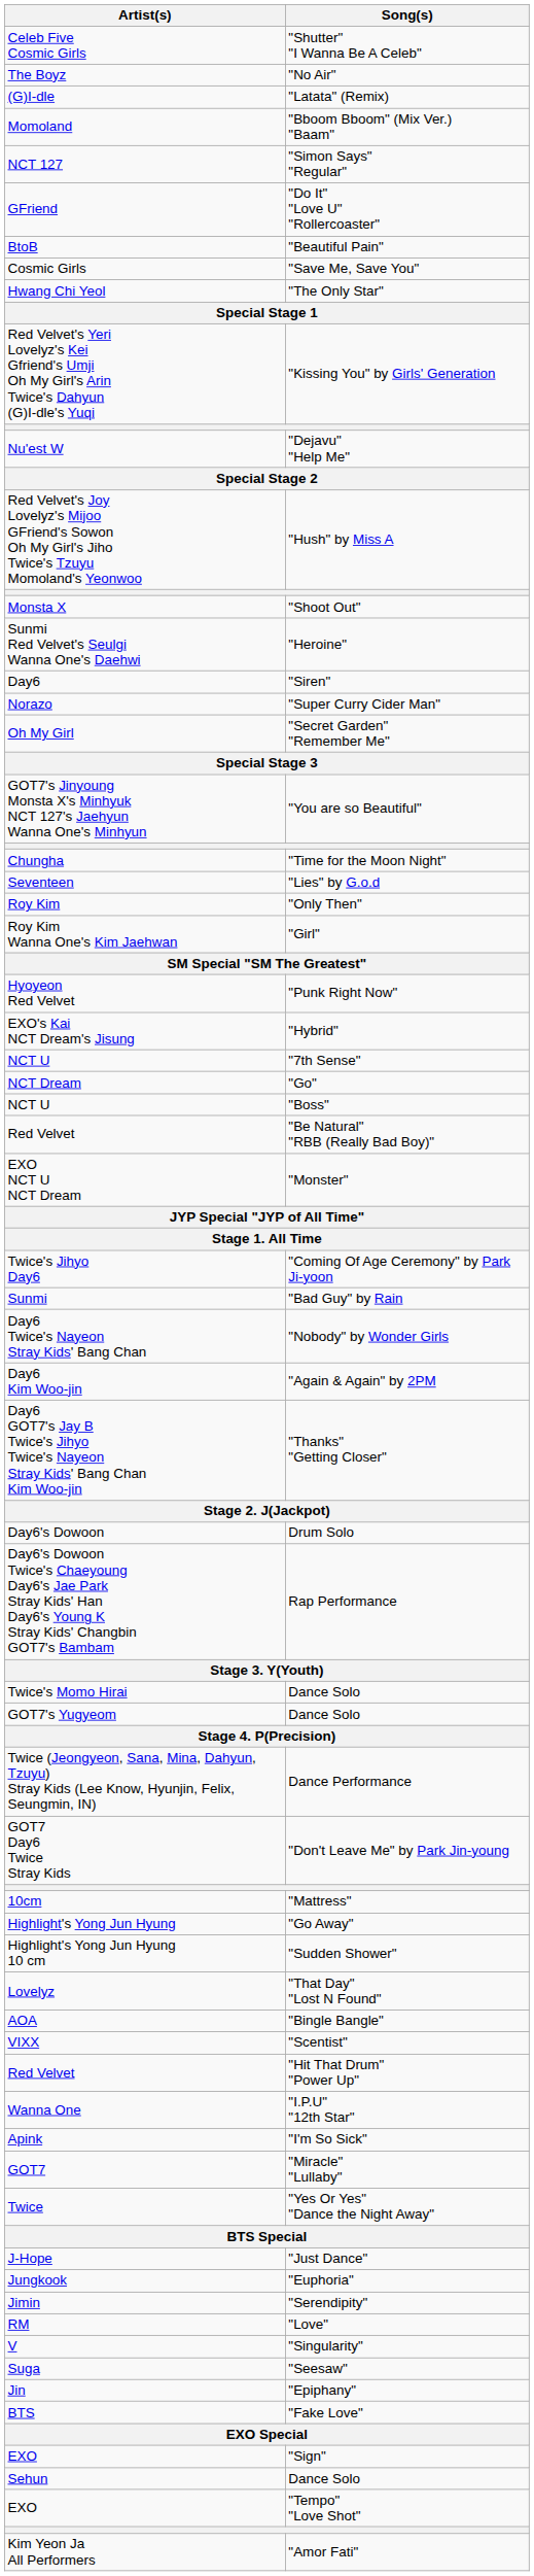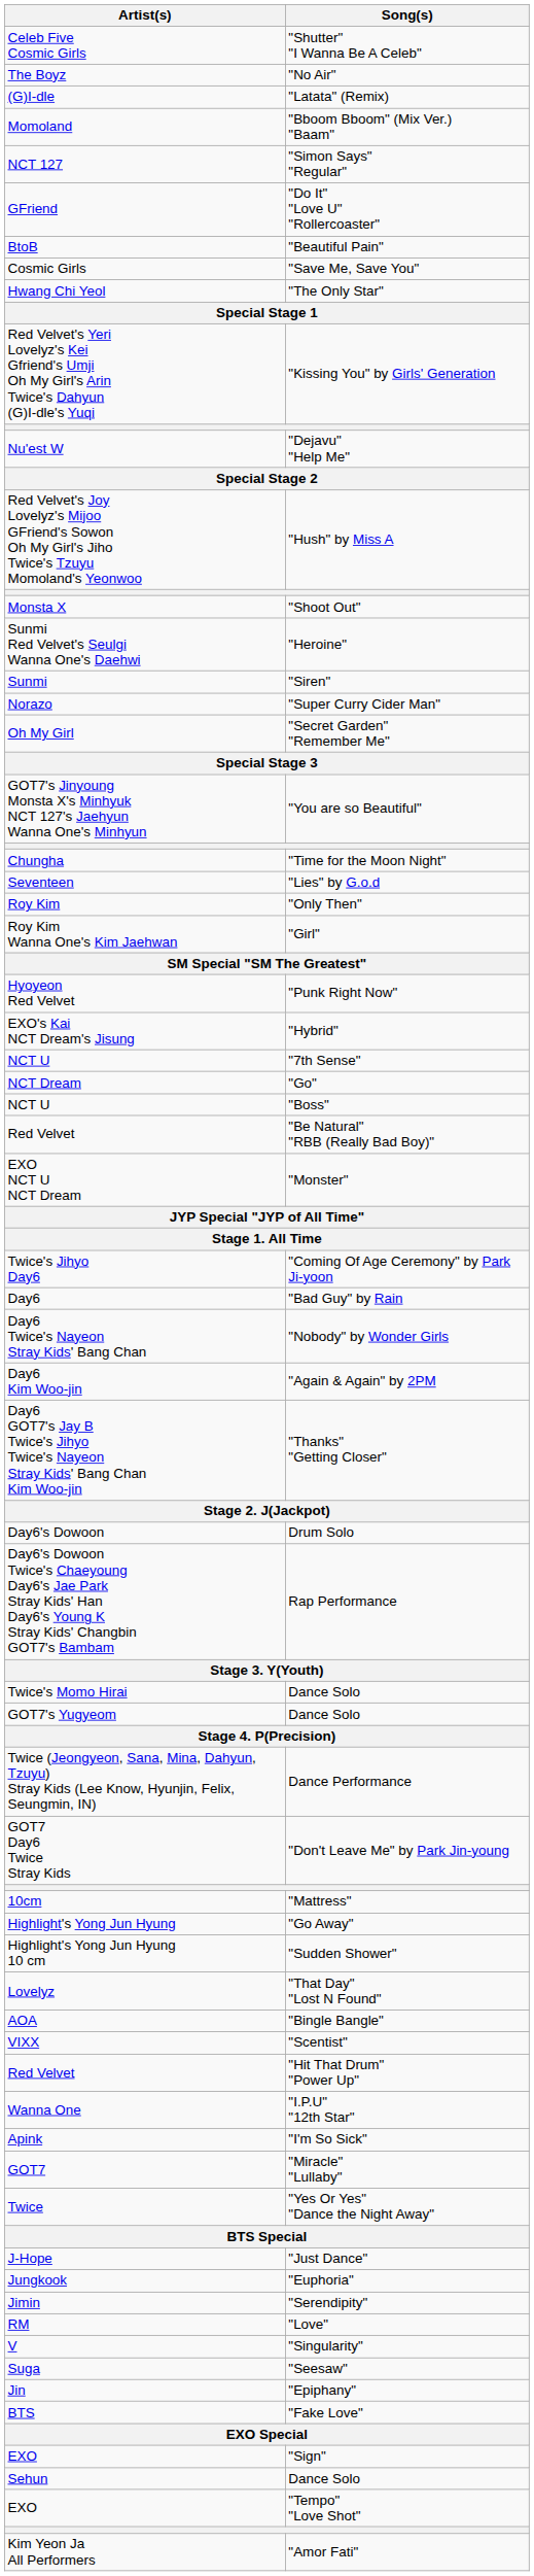 <table class="wikitable">
 <tr>
 <th>Artist(s)</th>
 <th>Song(s)</th>
 </tr>
 <tr>
 <td><a href='#'>Celeb Five</a><br><a href='#'>Cosmic Girls</a></td>
 <td>"Shutter"<br>"I Wanna Be A Celeb"</td>
 </tr>
 <tr>
 <td><a href='#'>The Boyz</a></td>
 <td>"No Air"</td>
 </tr>
 <tr>
 <td><a href='#'>(G)I-dle</a></td>
 <td>"Latata" (Remix)</td>
 </tr>
 <tr>
 <td><a href='#'>Momoland</a></td>
 <td>"Bboom Bboom" (Mix Ver.)<br>"Baam"</td>
 </tr>
 <tr>
 <td><a href='#'>NCT 127</a></td>
 <td>"Simon Says"<br>"Regular"</td>
 </tr>
 <tr>
 <td><a href='#'>GFriend</a></td>
 <td>"Do It"<br>"Love U"<br>"Rollercoaster"</td>
 </tr>
 <tr>
 <td><a href='#'>BtoB</a></td>
 <td>"Beautiful Pain"</td>
 </tr>
 <tr>
 <td>Cosmic Girls</td>
 <td>"Save Me, Save You"</td>
 </tr>
 <tr>
 <td><a href='#'>Hwang Chi Yeol</a></td>
 <td>"The Only Star"</td>
 </tr>
 <tr>
 <th colspan="2">Special Stage 1</th>
 </tr>
 <tr>
 <td>Red Velvet's <a href='#'>Yeri</a><br>Lovelyz's <a href='#'>Kei</a><br>Gfriend's <a href='#'>Umji</a><br>Oh My Girl's <a href='#'>Arin</a><br>Twice's <a href='#'>Dahyun</a><br>(G)I-dle's <a href='#'>Yuqi</a></td>
 <td>"Kissing You" by <a href='#'>Girls' Generation</a></td>
 </tr>
 <tr>
 <th colspan="2"></th>
 </tr>
 <tr>
 <td><a href='#'>Nu'est W</a></td>
 <td>"Dejavu"<br>"Help Me"</td>
 </tr>
 <tr>
 <th colspan="2">Special Stage 2</th>
 </tr>
 <tr>
 <td>Red Velvet's <a href='#'>Joy</a><br>Lovelyz's <a href='#'>Mijoo</a><br>GFriend's Sowon<br>Oh My Girl's Jiho<br>Twice's <a href='#'>Tzuyu</a><br>Momoland's <a href='#'>Yeonwoo</a></td>
 <td>"Hush" by <a href='#'>Miss A</a></td>
 </tr>
 <tr>
 <th colspan="2"></th>
 </tr>
 <tr>
 <td><a href='#'>Monsta X</a></td>
 <td>"Shoot Out"</td>
 </tr>
 <tr>
 <td>Sunmi<br>Red Velvet's <a href='#'>Seulgi</a><br>Wanna One's <a href='#'>Daehwi</a></td>
 <td>"Heroine"</td>
 </tr>
 <tr>
-<td>Day6</td>
+<td><a href='#'>Sunmi</a></td>
 <td>"Siren"</td>
 </tr>
 <tr>
 <td><a href='#'>Norazo</a></td>
 <td>"Super Curry Cider Man"</td>
 </tr>
 <tr>
 <td><a href='#'>Oh My Girl</a></td>
 <td>"Secret Garden"<br>"Remember Me"</td>
 </tr>
 <tr>
 <th colspan="2">Special Stage 3</th>
 </tr>
 <tr>
 <td>GOT7's <a href='#'>Jinyoung</a><br>Monsta X's <a href='#'>Minhyuk</a><br>NCT 127's <a href='#'>Jaehyun</a><br>Wanna One's <a href='#'>Minhyun</a></td>
 <td>"You are so Beautiful"</td>
 </tr>
 <tr>
 <th colspan="2"></th>
 </tr>
 <tr>
 <td><a href='#'>Chungha</a></td>
 <td>"Time for the Moon Night"</td>
 </tr>
 <tr>
 <td><a href='#'>Seventeen</a></td>
 <td>"Lies" by <a href='#'>G.o.d</a></td>
 </tr>
 <tr>
 <td><a href='#'>Roy Kim</a></td>
 <td>"Only Then"</td>
 </tr>
 <tr>
 <td>Roy Kim<br>Wanna One's <a href='#'>Kim Jaehwan</a></td>
 <td>"Girl"</td>
 </tr>
 <tr>
 <th colspan="2">SM Special "SM The Greatest"</th>
 </tr>
 <tr>
 <td><a href='#'>Hyoyeon</a><br>Red Velvet</td>
 <td>"Punk Right Now"</td>
 </tr>
 <tr>
 <td>EXO's <a href='#'>Kai</a><br>NCT Dream's <a href='#'>Jisung</a></td>
 <td>"Hybrid"</td>
 </tr>
 <tr>
 <td><a href='#'>NCT U</a></td>
 <td>"7th Sense"</td>
 </tr>
 <tr>
 <td><a href='#'>NCT Dream</a></td>
 <td>"Go"</td>
 </tr>
 <tr>
 <td>NCT U</td>
 <td>"Boss"</td>
 </tr>
 <tr>
 <td>Red Velvet</td>
 <td>"Be Natural"<br>"RBB (Really Bad Boy)"</td>
 </tr>
 <tr>
 <td>EXO<br>NCT U<br>NCT Dream</td>
 <td>"Monster"</td>
 </tr>
 <tr>
 <th colspan="2">JYP Special "JYP of All Time"</th>
 </tr>
 <tr>
 <th colspan="2">Stage 1. All Time</th>
 </tr>
 <tr>
 <td>Twice's <a href='#'>Jihyo</a><br><a href='#'>Day6</a></td>
 <td>"Coming Of Age Ceremony" by <a href='#'>Park Ji-yoon</a></td>
 </tr>
 <tr>
-<td><a href='#'>Sunmi</a></td>
+<td>Day6</td>
 <td>"Bad Guy" by <a href='#'>Rain</a></td>
 </tr>
 <tr>
 <td>Day6<br>Twice's <a href='#'>Nayeon</a><br><a href='#'>Stray Kids</a>' Bang Chan</td>
 <td>"Nobody" by <a href='#'>Wonder Girls</a></td>
 </tr>
 <tr>
 <td>Day6<br><a href='#'>Kim Woo-jin</a></td>
 <td>"Again & Again" by <a href='#'>2PM</a></td>
 </tr>
 <tr>
 <td>Day6<br>GOT7's <a href='#'>Jay B</a><br>Twice's <a href='#'>Jihyo</a><br>Twice's <a href='#'>Nayeon</a><br><a href='#'>Stray Kids</a>' Bang Chan<br><a href='#'>Kim Woo-jin</a></td>
 <td>"Thanks"<br>"Getting Closer"</td>
 </tr>
 <tr>
 <th colspan="2">Stage 2. J(Jackpot)</th>
 </tr>
 <tr>
 <td>Day6's Dowoon</td>
 <td>Drum Solo</td>
 </tr>
 <tr>
 <td>Day6's Dowoon<br>Twice's <a href='#'>Chaeyoung</a><br>Day6's <a href='#'>Jae Park</a><br>Stray Kids' Han<br>Day6's <a href='#'>Young K</a><br>Stray Kids' Changbin<br>GOT7's <a href='#'>Bambam</a></td>
 <td>Rap Performance</td>
 </tr>
 <tr>
 <th colspan="2">Stage 3. Y(Youth)</th>
 </tr>
 <tr>
 <td>Twice's <a href='#'>Momo Hirai</a></td>
 <td>Dance Solo</td>
 </tr>
 <tr>
 <td>GOT7's <a href='#'>Yugyeom</a></td>
 <td>Dance Solo</td>
 </tr>
 <tr>
 <th colspan="2">Stage 4. P(Precision)</th>
 </tr>
 <tr>
 <td>Twice (<a href='#'>Jeongyeon</a>, <a href='#'>Sana</a>, <a href='#'>Mina</a>, <a href='#'>Dahyun</a>, <a href='#'>Tzuyu</a>)<br>Stray Kids (Lee Know, Hyunjin, Felix, Seungmin, IN)</td>
 <td>Dance Performance</td>
 </tr>
 <tr>
 <td>GOT7<br>Day6<br>Twice<br>Stray Kids</td>
 <td>"Don't Leave Me" by <a href='#'>Park Jin-young</a></td>
 </tr>
 <tr>
 <th colspan="2"></th>
 </tr>
 <tr>
 <td><a href='#'>10cm</a></td>
 <td>"Mattress"</td>
 </tr>
 <tr>
 <td><a href='#'>Highlight</a>'s <a href='#'>Yong Jun Hyung</a></td>
 <td>"Go Away"</td>
 </tr>
 <tr>
 <td>Highlight's Yong Jun Hyung<br>10 cm</td>
 <td>"Sudden Shower"</td>
 </tr>
 <tr>
 <td><a href='#'>Lovelyz</a></td>
 <td>"That Day"<br>"Lost N Found"</td>
 </tr>
 <tr>
 <td><a href='#'>AOA</a></td>
 <td>"Bingle Bangle"</td>
 </tr>
 <tr>
 <td><a href='#'>VIXX</a></td>
 <td>"Scentist"</td>
 </tr>
 <tr>
 <td><a href='#'>Red Velvet</a></td>
 <td>"Hit That Drum"<br>"Power Up"</td>
 </tr>
 <tr>
 <td><a href='#'>Wanna One</a></td>
 <td>"I.P.U"<br>"12th Star"</td>
 </tr>
 <tr>
 <td><a href='#'>Apink</a></td>
 <td>"I'm So Sick"</td>
 </tr>
 <tr>
 <td><a href='#'>GOT7</a></td>
 <td>"Miracle"<br>"Lullaby"</td>
 </tr>
 <tr>
 <td><a href='#'>Twice</a></td>
 <td>"Yes Or Yes"<br>"Dance the Night Away"</td>
 </tr>
 <tr>
 <th colspan="2">BTS Special</th>
 </tr>
 <tr>
 <td><a href='#'>J-Hope</a></td>
 <td>"Just Dance"</td>
 </tr>
 <tr>
 <td><a href='#'>Jungkook</a></td>
 <td>"Euphoria"</td>
 </tr>
 <tr>
 <td><a href='#'>Jimin</a></td>
 <td>"Serendipity"</td>
 </tr>
 <tr>
 <td><a href='#'>RM</a></td>
 <td>"Love"</td>
 </tr>
 <tr>
 <td><a href='#'>V</a></td>
 <td>"Singularity"</td>
 </tr>
 <tr>
 <td><a href='#'>Suga</a></td>
 <td>"Seesaw"</td>
 </tr>
 <tr>
 <td><a href='#'>Jin</a></td>
 <td>"Epiphany"</td>
 </tr>
 <tr>
 <td><a href='#'>BTS</a></td>
 <td>"Fake Love"</td>
 </tr>
 <tr>
 <th colspan="2">EXO Special</th>
 </tr>
 <tr>
 <td><a href='#'>EXO</a></td>
 <td>"Sign"</td>
 </tr>
 <tr>
 <td><a href='#'>Sehun</a></td>
 <td>Dance Solo</td>
 </tr>
 <tr>
 <td>EXO</td>
 <td>"Tempo"<br>"Love Shot"</td>
 </tr>
 <tr>
 <th colspan="2"></th>
 </tr>
 <tr>
 <td>Kim Yeon Ja<br>All Performers</td>
 <td>"Amor Fati"</td>
 </tr>
 </table>
